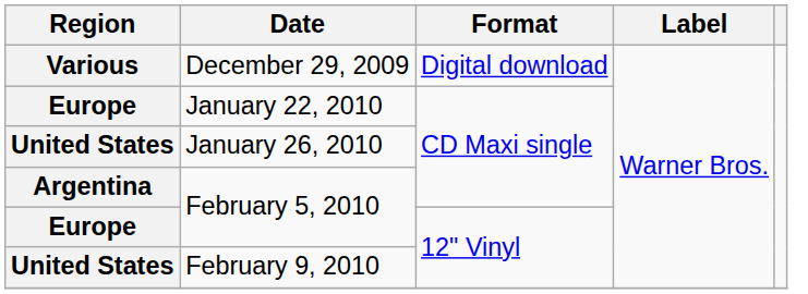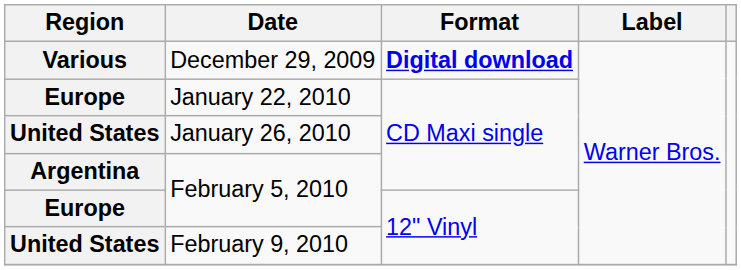 <table class="wikitable plainrowheaders">
 <tr>
 <th>Region</th>
 <th>Date</th>
 <th>Format</th>
 <th>Label</th>
 <th scope="col"></th>
 </tr>
 <tr>
 <th scope="row">Various</th>
 <td>December 29, 2009</td>
-<td><a href='#'>Digital download</a></td>
+<td><strong><a href='#'>Digital download</a></strong></td>
 <td rowspan="6"><a href='#'>Warner Bros.</a></td>
 <td rowspan="6"></td>
 </tr>
 <tr>
 <th scope="row">Europe</th>
 <td>January 22, 2010</td>
 <td rowspan="3"><a href='#'>CD Maxi single</a></td>
 </tr>
 <tr>
 <th scope="row">United States</th>
 <td>January 26, 2010</td>
 </tr>
 <tr>
 <th scope="row">Argentina</th>
 <td rowspan="2">February 5, 2010</td>
 </tr>
 <tr>
 <th scope="row">Europe</th>
 <td rowspan="2"><a href='#'>12" Vinyl</a></td>
 </tr>
 <tr>
 <th scope="row">United States</th>
 <td>February 9, 2010</td>
 </tr>
 <tr>
 </tr>
 </table>
